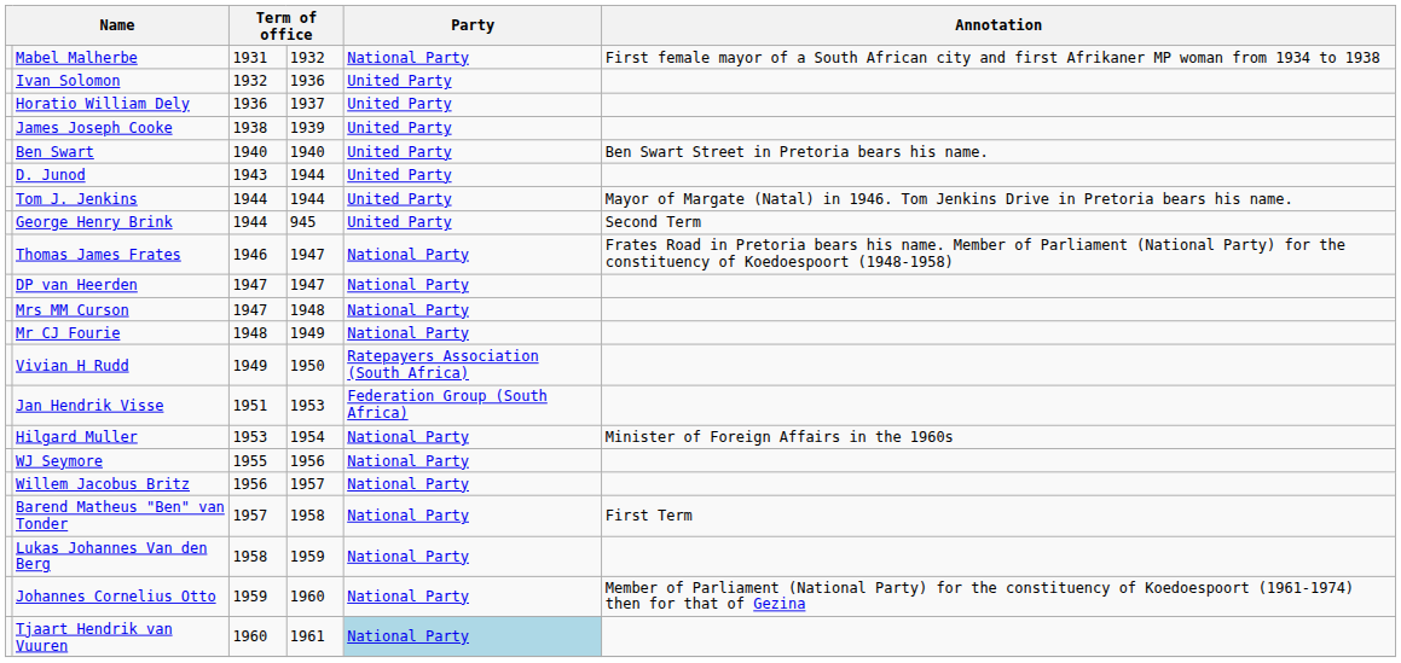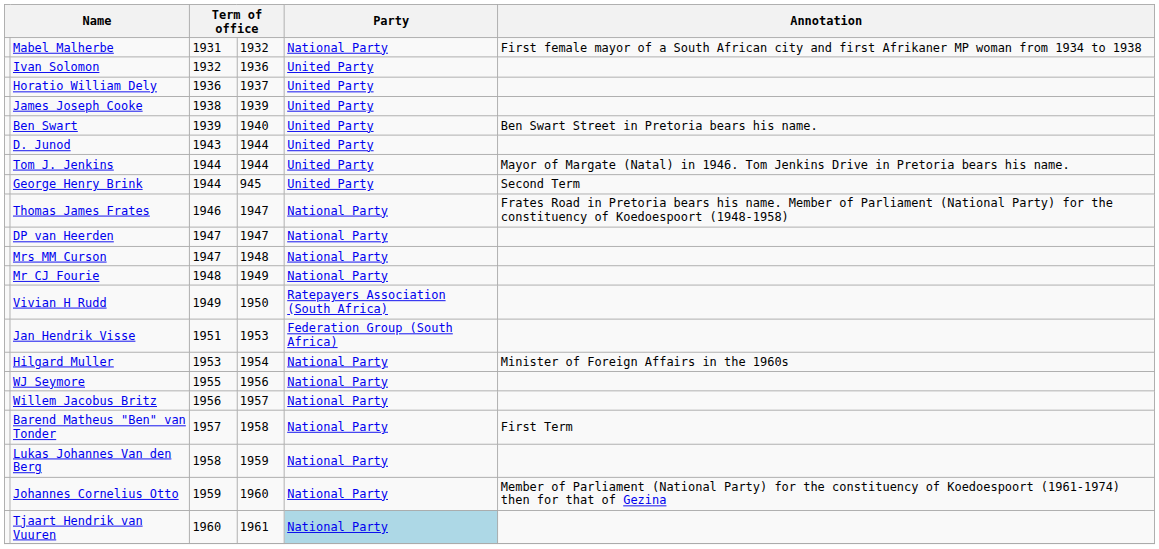 <table class="wikitable">
 <tr>
 <th colspan=2>Name</th>
 <th colspan=2>Term of office</th>
 <th colspan=1>Party</th>
 <th colspan=1>Annotation</th>
 </tr>
 <tr>
 <td style="background-color: "></td>
 <td><a href='#'>Mabel Malherbe</a></td>
 <td>1931</td>
 <td>1932</td>
 <td><a href='#'>National Party</a></td>
 <td>First female mayor of a South African city and first Afrikaner MP woman from 1934 to 1938</td>
 </tr>
 <tr>
 <td style="background-color: "></td>
 <td><a href='#'>Ivan Solomon</a></td>
 <td>1932</td>
 <td>1936</td>
 <td><a href='#'>United Party</a></td>
 <td></td>
 </tr>
 <tr>
 <td style="background-color: "></td>
 <td><a href='#'>Horatio William Dely</a></td>
 <td>1936</td>
 <td>1937</td>
 <td><a href='#'>United Party</a></td>
 <td></td>
 </tr>
 <tr>
 <td style="background-color: "></td>
 <td><a href='#'>James Joseph Cooke</a></td>
 <td>1938</td>
 <td>1939</td>
 <td><a href='#'>United Party</a></td>
 <td></td>
 </tr>
 <tr>
 <td style="background-color: "></td>
 <td><a href='#'>Ben Swart</a></td>
-<td>1940</td>
+<td>1939</td>
 <td>1940</td>
 <td><a href='#'>United Party</a></td>
 <td>Ben Swart Street in Pretoria bears his name.</td>
 </tr>
 <tr>
 <td style="background-color: "></td>
 <td><a href='#'>D. Junod</a></td>
 <td>1943</td>
 <td>1944</td>
 <td><a href='#'>United Party</a></td>
 <td></td>
 </tr>
 <tr>
 <td style="background-color: "></td>
 <td><a href='#'>Tom J. Jenkins</a></td>
 <td>1944</td>
 <td>1944</td>
 <td><a href='#'>United Party</a></td>
 <td>Mayor of Margate (Natal) in 1946. Tom Jenkins Drive in Pretoria bears his name.</td>
 </tr>
 <tr>
 <td style="background-color: "></td>
 <td><a href='#'>George Henry Brink</a></td>
 <td>1944</td>
 <td>945</td>
 <td><a href='#'>United Party</a></td>
 <td>Second Term</td>
 </tr>
 <tr>
 <td style="background-color: "></td>
 <td><a href='#'>Thomas James Frates</a></td>
 <td>1946</td>
 <td>1947</td>
 <td><a href='#'>National Party</a></td>
 <td>Frates Road in Pretoria bears his name. Member of Parliament (National Party) for the constituency of Koedoespoort (1948-1958)</td>
 </tr>
 <tr>
 <td style="background-color: "></td>
 <td><a href='#'>DP van Heerden</a></td>
 <td>1947</td>
 <td>1947</td>
 <td><a href='#'>National Party</a></td>
 <td></td>
 </tr>
 <tr>
 <td style="background-color: "></td>
 <td><a href='#'>Mrs MM Curson</a></td>
 <td>1947</td>
 <td>1948</td>
 <td><a href='#'>National Party</a></td>
 <td></td>
 </tr>
 <tr>
 <td style="background-color: "></td>
 <td><a href='#'>Mr CJ Fourie</a></td>
 <td>1948</td>
 <td>1949</td>
 <td><a href='#'>National Party</a></td>
 <td></td>
 </tr>
 <tr>
 <td style="background-color: "></td>
 <td><a href='#'>Vivian H Rudd</a></td>
 <td>1949</td>
 <td>1950</td>
 <td><a href='#'>Ratepayers Association (South Africa)</a></td>
 <td></td>
 </tr>
 <tr>
 <td style="background-color: "></td>
 <td><a href='#'>Jan Hendrik Visse</a></td>
 <td>1951</td>
 <td>1953</td>
 <td><a href='#'>Federation Group (South Africa)</a></td>
 <td></td>
 </tr>
 <tr>
 <td style="background-color: "></td>
 <td><a href='#'>Hilgard Muller</a></td>
 <td>1953</td>
 <td>1954</td>
 <td><a href='#'>National Party</a></td>
 <td>Minister of Foreign Affairs in the 1960s</td>
 </tr>
 <tr>
 <td style="background-color: "></td>
 <td><a href='#'>WJ Seymore</a></td>
 <td>1955</td>
 <td>1956</td>
 <td><a href='#'>National Party</a></td>
 <td></td>
 </tr>
 <tr>
 <td style="background-color: "></td>
 <td><a href='#'>Willem Jacobus Britz</a></td>
 <td>1956</td>
 <td>1957</td>
 <td><a href='#'>National Party</a></td>
 <td></td>
 </tr>
 <tr>
 <td style="background-color: "></td>
 <td><a href='#'>Barend Matheus "Ben" van Tonder</a></td>
 <td>1957</td>
 <td>1958</td>
 <td><a href='#'>National Party</a></td>
 <td>First Term</td>
 </tr>
 <tr>
 <td style="background-color: "></td>
 <td><a href='#'>Lukas Johannes Van den Berg</a></td>
 <td>1958</td>
 <td>1959</td>
 <td><a href='#'>National Party</a></td>
 <td></td>
 </tr>
 <tr>
 <td style="background-color: "></td>
 <td><a href='#'>Johannes Cornelius Otto</a></td>
 <td>1959</td>
 <td>1960</td>
 <td><a href='#'>National Party</a></td>
 <td>Member of Parliament (National Party) for the constituency of Koedoespoort (1961-1974) then for that of <a href='#'>Gezina</a></td>
 </tr>
 <tr>
 <td style="background-color: "></td>
 <td><a href='#'>Tjaart Hendrik van Vuuren</a></td>
 <td>1960</td>
 <td>1961</td>
 <td style="background: lightblue;"><a href='#'>National Party</a></td>
 <td></td>
 </tr>
 <tr>
 </tr>
 </table>
